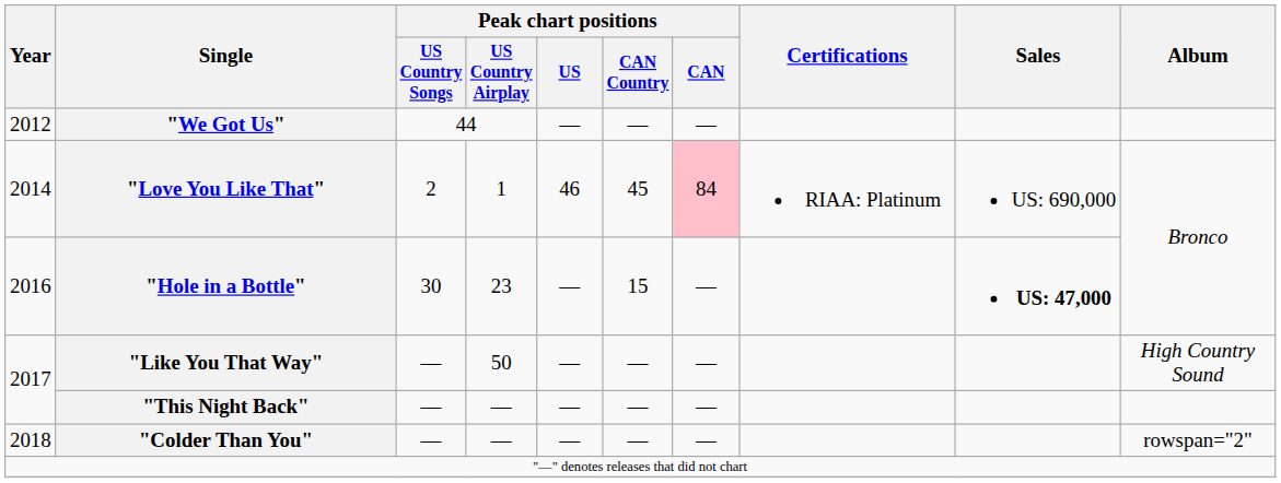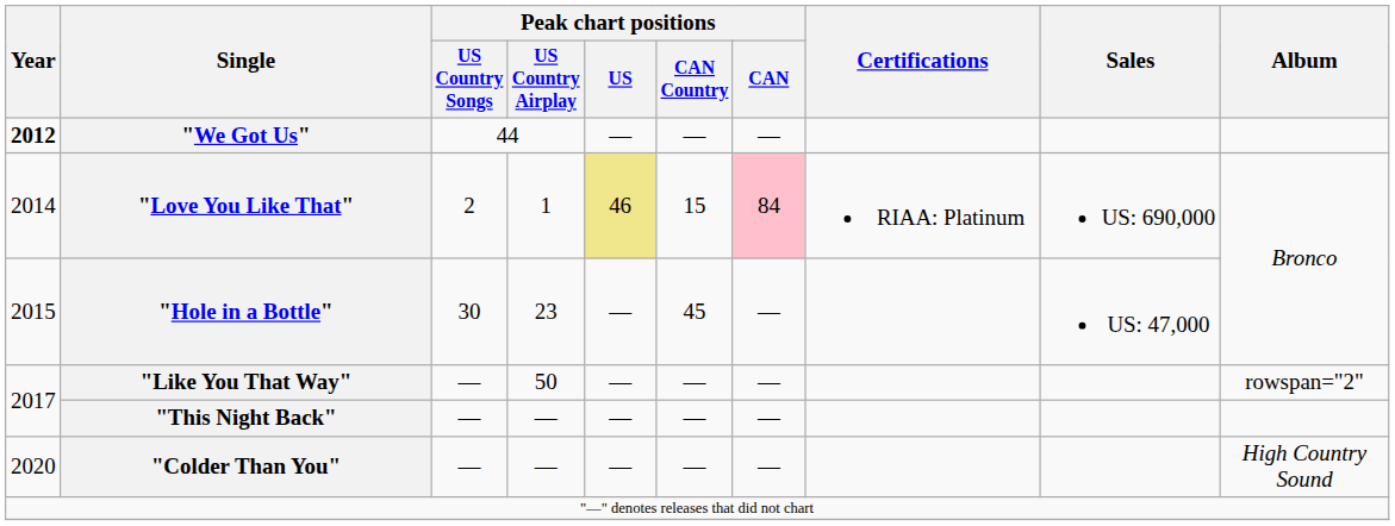 <table class="wikitable plainrowheaders" style="text-align:center;">
 <tr>
 <th rowspan="2">Year</th>
 <th rowspan="2" style="width:16em;">Single</th>
 <th colspan="5">Peak chart positions</th>
 <th rowspan="2" style="width:10em;"><a href='#'>Certifications</a></th>
 <th rowspan="2">Sales</th>
 <th rowspan="2" style="width:7em;">Album</th>
 </tr>
 <tr style="font-size:smaller;">
 <th width="45"><a href='#'>US Country Songs</a><br></th>
 <th width="45"><a href='#'>US Country Airplay</a><br></th>
 <th width="45"><a href='#'>US</a><br></th>
 <th width="45"><a href='#'>CAN Country</a><br></th>
 <th width="45"><a href='#'>CAN</a><br></th>
 </tr>
 <tr>
-<td>2012</td>
+<td><strong>2012</strong></td>
 <th scope="row">"<a href='#'>We Got Us</a>"</th>
 <td colspan="2">44</td>
 <td>—</td>
 <td>—</td>
 <td>—</td>
 <td></td>
 <td></td>
 <td></td>
 </tr>
 <tr>
 <td>2014</td>
 <th scope="row">"<a href='#'>Love You Like That</a>"</th>
 <td>2</td>
 <td>1</td>
-<td>46</td>
-<td>45</td>
+<td style="background: khaki;">46</td>
+<td>15</td>
 <td style="background: pink;">84</td>
 <td><br><ul><li>RIAA: Platinum</li></ul></td>
 <td><br><ul><li>US: 690,000</li></ul></td>
 <td rowspan="2"><em>Bronco</em></td>
 </tr>
 <tr>
-<td>2016</td>
+<td>2015</td>
 <th scope="row">"<a href='#'>Hole in a Bottle</a>"</th>
 <td>30</td>
 <td>23</td>
 <td>—</td>
-<td>15</td>
+<td>45</td>
 <td>—</td>
 <td></td>
-<td><strong><br><ul><li>US: 47,000</li></ul></strong></td>
+<td><br><ul><li>US: 47,000</li></ul></td>
 </tr>
 <tr>
 <td rowspan="2">2017</td>
 <th scope="row">"Like You That Way"</th>
 <td>—</td>
 <td>50</td>
 <td>—</td>
 <td>—</td>
 <td>—</td>
 <td></td>
 <td></td>
-<td><em>High Country Sound</em></td>
+<td>rowspan="2" </td>
 </tr>
 <tr>
 <th scope="row">"This Night Back"</th>
 <td>—</td>
 <td>—</td>
 <td>—</td>
 <td>—</td>
 <td>—</td>
 <td></td>
 <td></td>
 </tr>
 <tr>
-<td>2018</td>
+<td>2020</td>
 <th scope="row">"Colder Than You"</th>
 <td>—</td>
 <td>—</td>
 <td>—</td>
 <td>—</td>
 <td>—</td>
 <td></td>
 <td></td>
-<td>rowspan="2" </td>
+<td><em>High Country Sound</em></td>
 </tr>
 <tr>
 <td colspan="10" style="font-size:8pt">"—" denotes releases that did not chart</td>
 </tr>
 <tr>
 </tr>
 </table>
